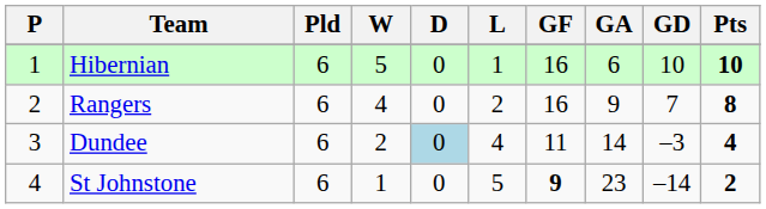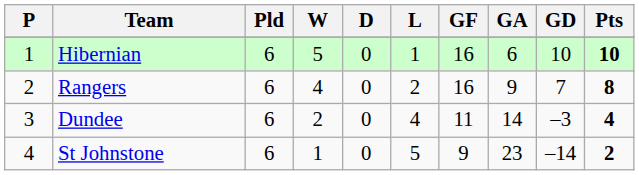 <table class="wikitable" style="text-align: center;">
 <tr>
 <th width=30>P</th>
 <th width=140>Team</th>
 <th width=30>Pld</th>
 <th width=30>W</th>
 <th width=30>D</th>
 <th width=30>L</th>
 <th width=30>GF</th>
 <th width=30>GA</th>
 <th width=30>GD</th>
 <th width=30>Pts</th>
 </tr>
 <tr>
 </tr>
 <tr style="background:#ccffcc;">
 <td>1</td>
 <td align=left><a href='#'>Hibernian</a></td>
 <td>6</td>
 <td>5</td>
 <td>0</td>
 <td>1</td>
 <td>16</td>
 <td>6</td>
 <td>10</td>
 <td><strong>10</strong></td>
 </tr>
 <tr>
 <td>2</td>
 <td align=left><a href='#'>Rangers</a></td>
 <td>6</td>
 <td>4</td>
 <td>0</td>
 <td>2</td>
 <td>16</td>
 <td>9</td>
 <td>7</td>
 <td><strong>8</strong></td>
 </tr>
 <tr>
 <td>3</td>
 <td align=left><a href='#'>Dundee</a></td>
 <td>6</td>
 <td>2</td>
-<td style="background: lightblue;">0</td>
+<td>0</td>
 <td>4</td>
 <td>11</td>
 <td>14</td>
 <td>–3</td>
 <td><strong>4</strong></td>
 </tr>
 <tr>
 <td>4</td>
 <td align=left><a href='#'>St Johnstone</a></td>
 <td>6</td>
 <td>1</td>
 <td>0</td>
 <td>5</td>
-<td><strong>9</strong></td>
+<td>9</td>
 <td>23</td>
 <td>–14</td>
 <td><strong>2</strong></td>
 </tr>
 </table>
